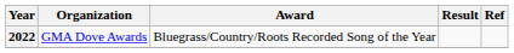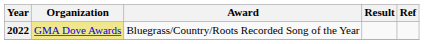 <table class="wikitable plainrowheaders">
 <tr>
 <th>Year</th>
 <th>Organization</th>
 <th>Award</th>
 <th>Result</th>
 <th>Ref</th>
 </tr>
 <tr>
 <th scope="row">2022</th>
-<td><a href='#'>GMA Dove Awards</a></td>
+<td style="background: khaki;"><a href='#'>GMA Dove Awards</a></td>
 <td>Bluegrass/Country/Roots Recorded Song of the Year</td>
 <td></td>
 <td></td>
 </tr>
 <tr>
 </tr>
 </table>
